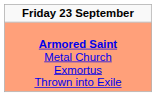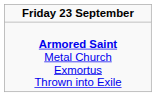 <table class="wikitable">
 <tr>
 <td colspan="3" style="text-align:center;"><strong>Friday 23 September</strong></td>
 </tr>
 <tr>
-<td style="background: lightsalmon; text-align:center; vertical-align:top; width:200px;"><br><strong><a href='#'>Armored Saint</a></strong><br> <a href='#'>Metal Church</a><br> <a href='#'>Exmortus</a><br> <a href='#'>Thrown into Exile</a><br></td>
+<td style="text-align:center; vertical-align:top; width:200px;"><br><strong><a href='#'>Armored Saint</a></strong><br> <a href='#'>Metal Church</a><br> <a href='#'>Exmortus</a><br> <a href='#'>Thrown into Exile</a><br></td>
 </tr>
 </table>
